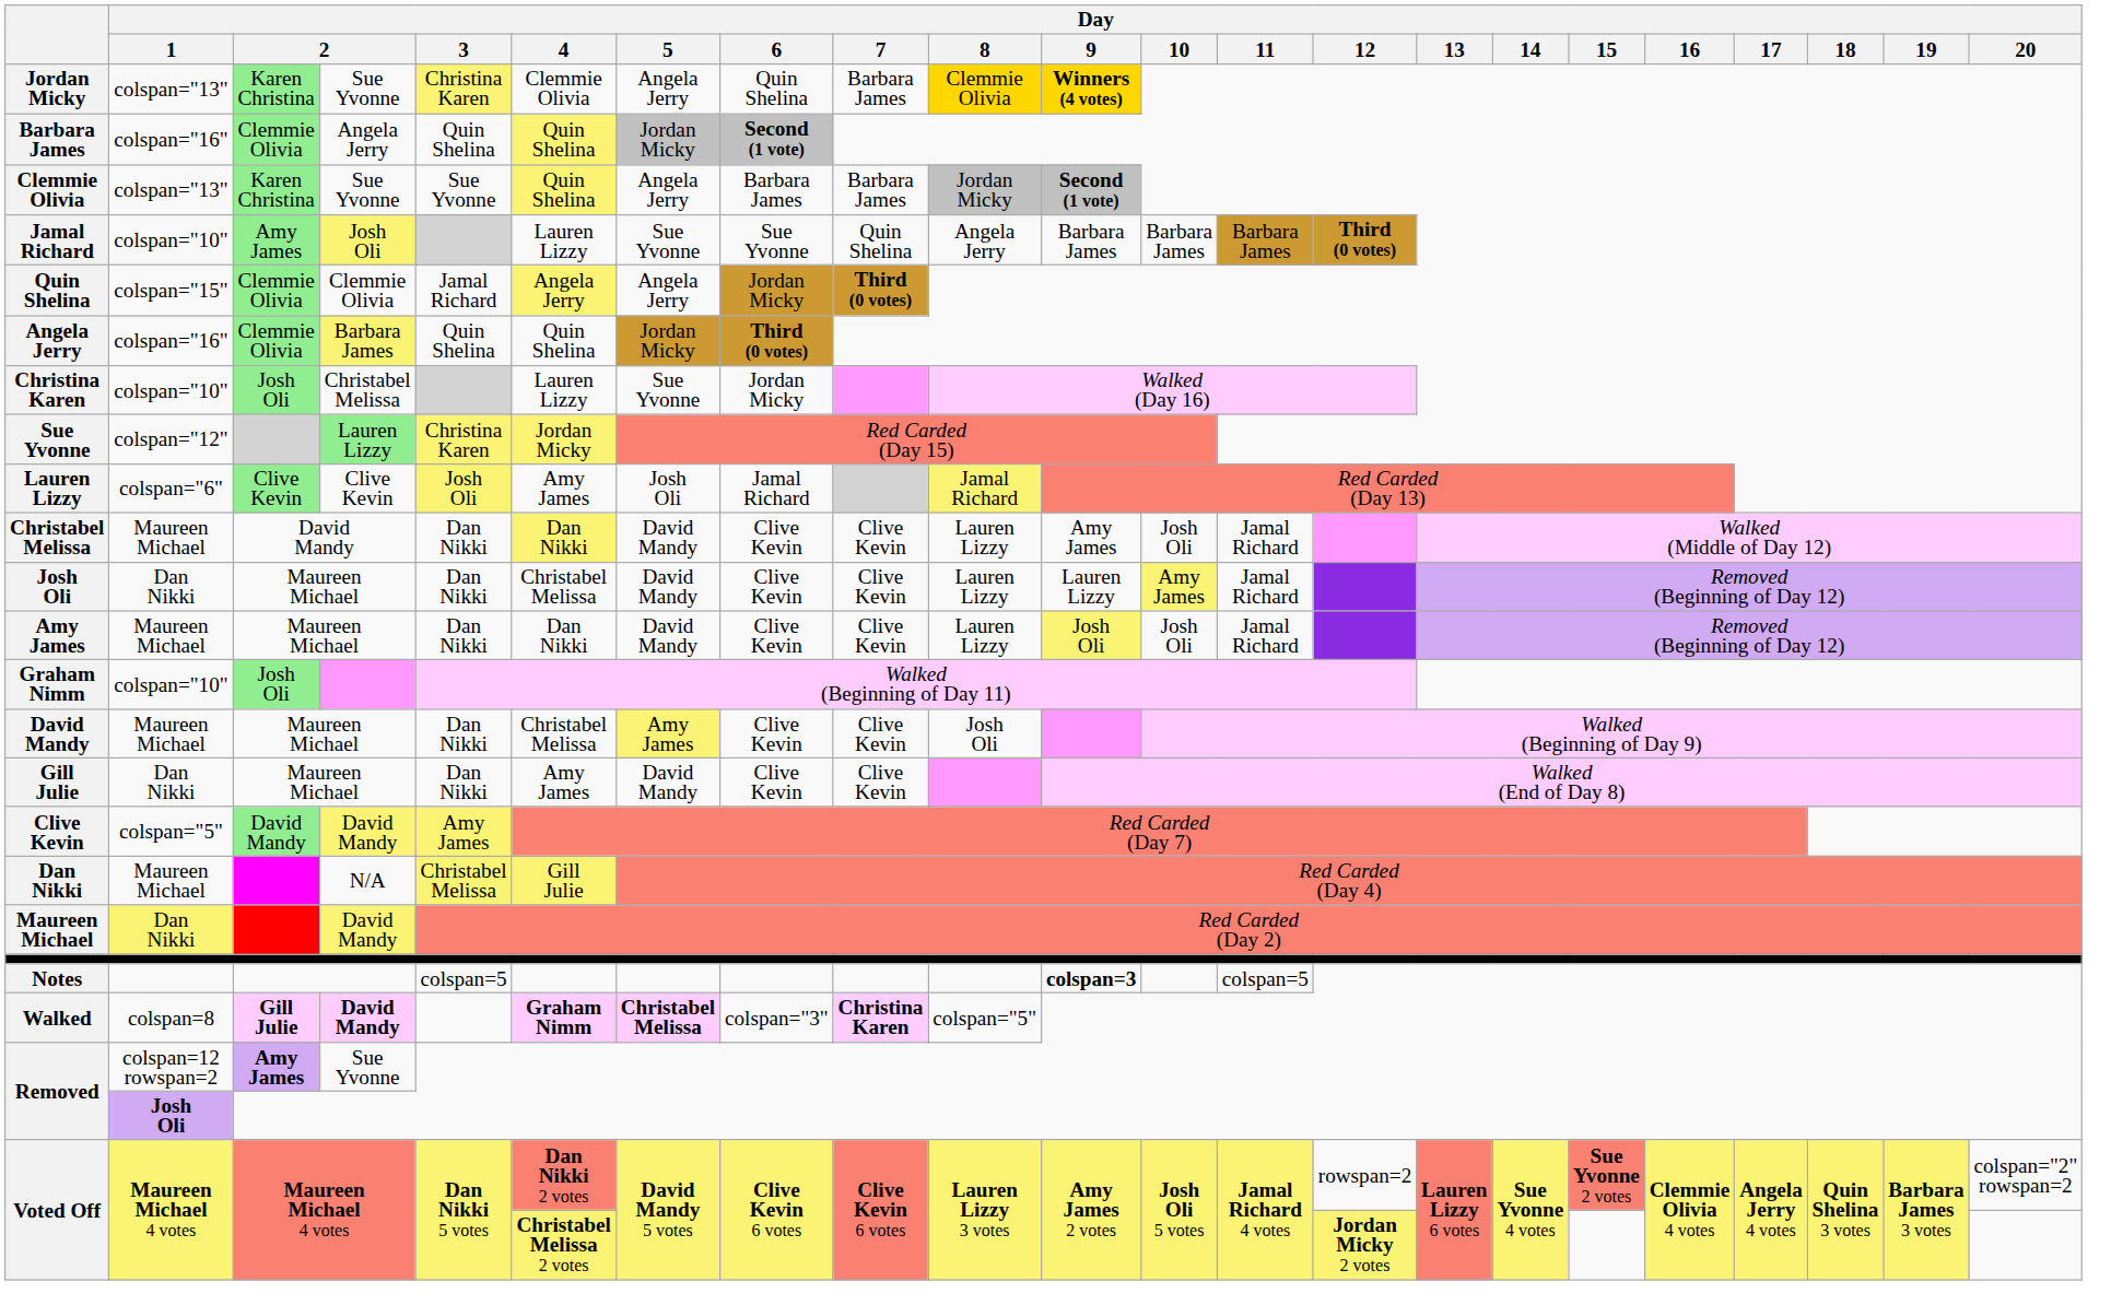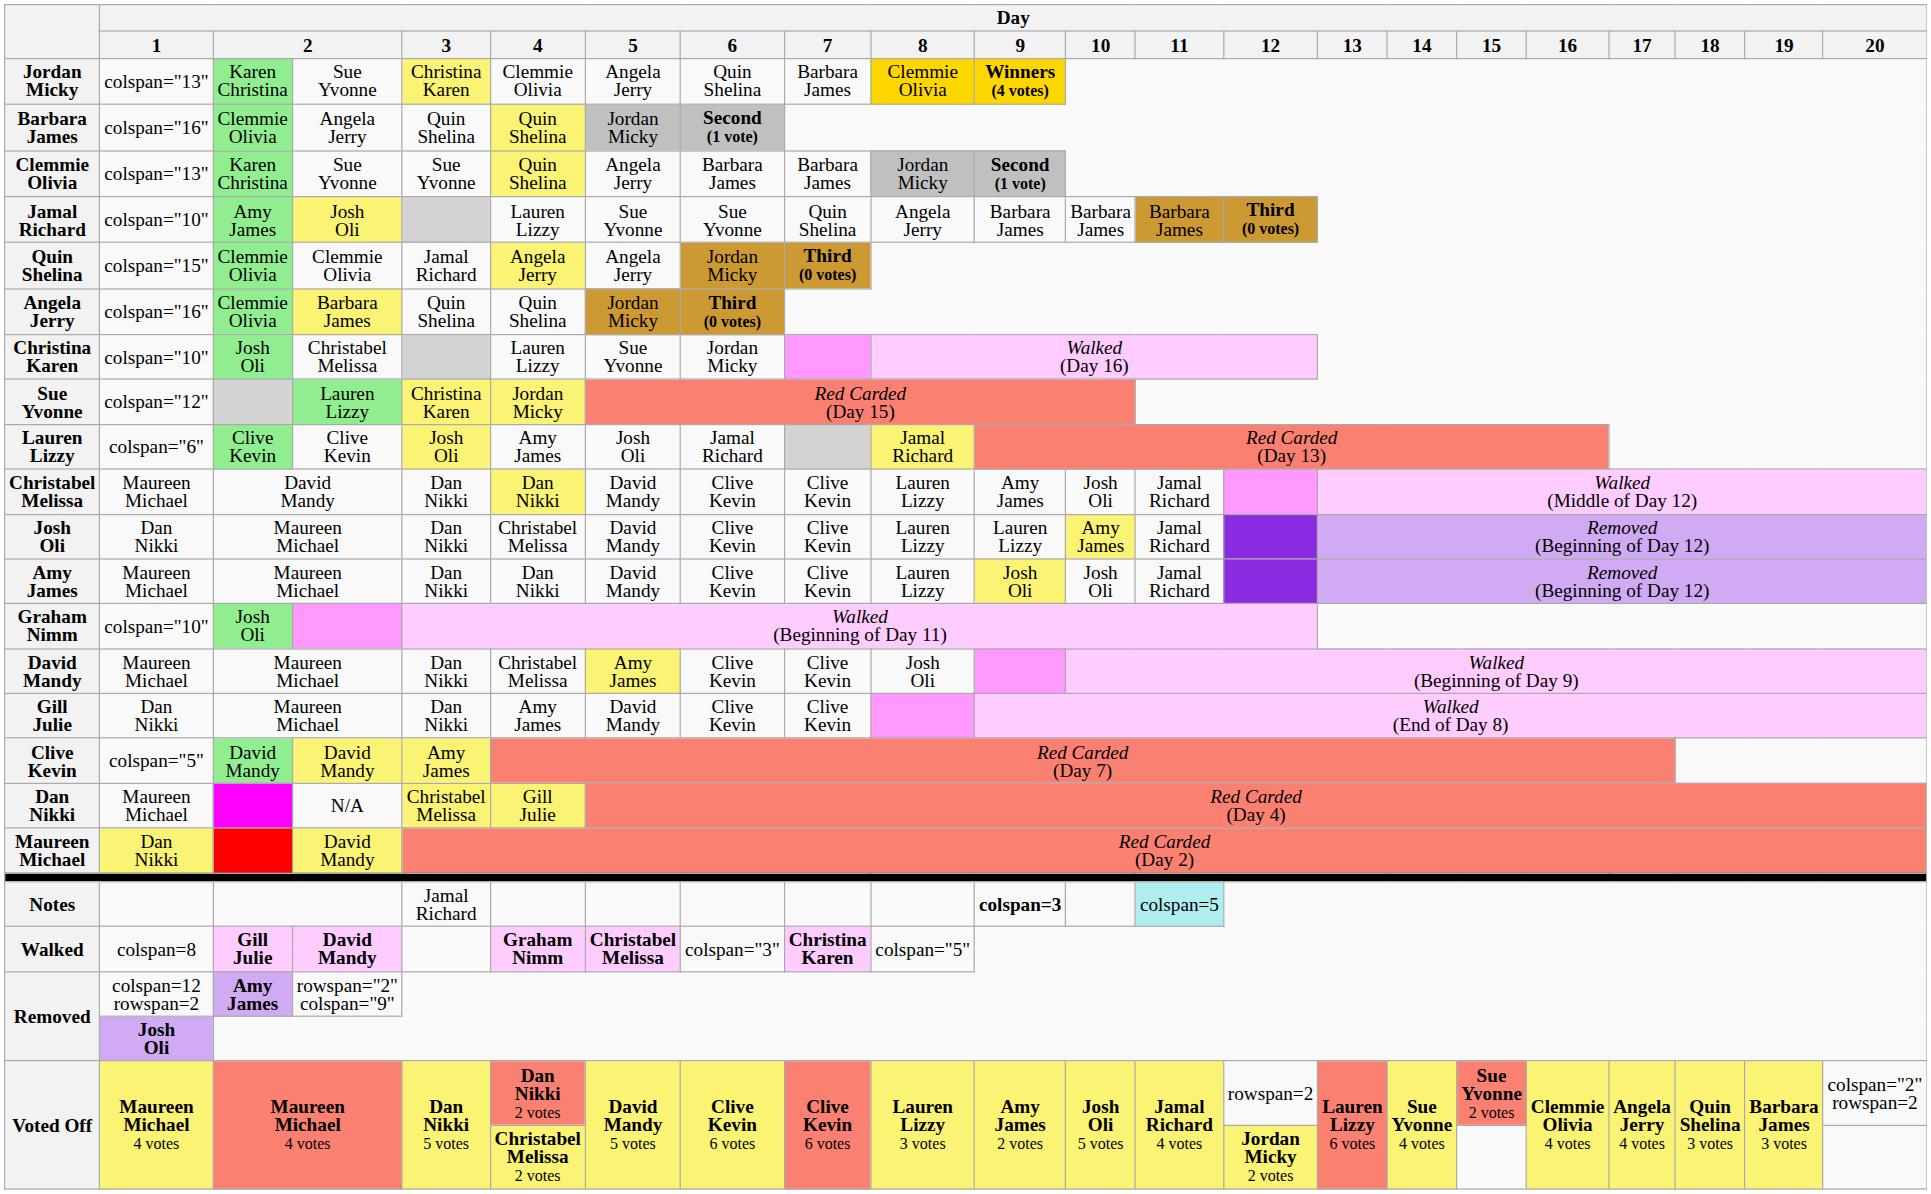 <table class="wikitable" style="text-align:center; font-size:100%pt; line-height:15px;">
 <tr>
 <th style="width: 10%;" rowspan="2"></th>
 <th colspan=22>Day</th>
 </tr>
 <tr>
 <th style="width: 7%;">1</th>
 <th colspan=2 style="width: 7%;">2</th>
 <th style="width: 7%;">3</th>
 <th style="width: 7%;">4</th>
 <th style="width: 7%;">5</th>
 <th style="width: 7%;">6</th>
 <th style="width: 7%;">7</th>
 <th style="width: 7%;">8</th>
 <th style="width: 7%;">9</th>
 <th style="width: 7%;">10</th>
 <th style="width: 7%;">11</th>
 <th style="width: 7%;">12</th>
 <th style="width: 7%;">13</th>
 <th style="width: 7%;">14</th>
 <th style="width: 7%;">15</th>
 <th style="width: 7%;">16</th>
 <th style="width: 7%;">17</th>
 <th style="width: 7%;">18</th>
 <th style="width: 7%;">19</th>
 <th style="width: 7%;" colspan="2">20</th>
 </tr>
 <tr>
 <th>Jordan<br>Micky</th>
 <td>colspan="13" </td>
 <td style="background:lightgreen;">Karen<br>Christina</td>
 <td>Sue<br>Yvonne</td>
 <td style="background:#fbf373;">Christina<br>Karen</td>
 <td>Clemmie<br>Olivia</td>
 <td>Angela<br>Jerry</td>
 <td>Quin<br>Shelina</td>
 <td>Barbara<br>James</td>
 <td style="background:gold;">Clemmie<br>Olivia</td>
 <td style="background:gold;"><strong>Winners<br><small>(4 votes)</small></strong></td>
 </tr>
 <tr>
 <th>Barbara<br>James</th>
 <td>colspan="16" </td>
 <td style="background:lightgreen;">Clemmie<br>Olivia</td>
 <td>Angela<br>Jerry</td>
 <td>Quin<br>Shelina</td>
 <td style="background:#fbf373;">Quin<br>Shelina</td>
 <td style="background:silver;">Jordan<br>Micky</td>
 <td style="background:silver;"><strong>Second<br><small>(1 vote)</small></strong></td>
 </tr>
 <tr>
 <th>Clemmie<br>Olivia</th>
 <td>colspan="13" </td>
 <td style="background:lightgreen;">Karen<br>Christina</td>
 <td>Sue<br>Yvonne</td>
 <td>Sue<br>Yvonne</td>
 <td style="background:#fbf373;">Quin<br>Shelina</td>
 <td>Angela<br>Jerry</td>
 <td>Barbara<br>James</td>
 <td>Barbara<br>James</td>
 <td style="background:silver;">Jordan<br>Micky</td>
 <td style="background:silver;"><strong>Second<br><small>(1 vote)</small></strong></td>
 </tr>
 <tr>
 <th>Jamal<br>Richard</th>
 <td>colspan="10" </td>
 <td style="background:lightgreen;">Amy<br>James</td>
 <td style="background:#fbf373;">Josh<br>Oli</td>
 <td style="background:lightgrey;"></td>
 <td>Lauren<br>Lizzy</td>
 <td>Sue<br>Yvonne</td>
 <td>Sue<br>Yvonne</td>
 <td>Quin<br>Shelina</td>
 <td>Angela<br>Jerry</td>
 <td>Barbara<br>James</td>
 <td>Barbara<br>James</td>
 <td style="background:#cc9933;">Barbara<br>James</td>
 <td style="background:#cc9933;"><strong>Third<br><small>(0 votes)</small></strong></td>
 </tr>
 <tr>
 <th>Quin<br>Shelina</th>
 <td>colspan="15" </td>
 <td style="background:lightgreen;">Clemmie<br>Olivia</td>
 <td>Clemmie<br>Olivia</td>
 <td>Jamal<br>Richard</td>
 <td style="background:#fbf373;">Angela<br>Jerry</td>
 <td>Angela<br>Jerry</td>
 <td style="background:#cc9933;">Jordan<br>Micky</td>
 <td style="background:#cc9933;"><strong>Third<br><small>(0 votes)</small></strong></td>
 </tr>
 <tr>
 <th>Angela<br>Jerry</th>
 <td>colspan="16" </td>
 <td style="background:lightgreen;">Clemmie<br>Olivia</td>
 <td style="background:#fbf373;">Barbara<br>James</td>
 <td>Quin<br>Shelina</td>
 <td>Quin<br>Shelina</td>
 <td style="background:#cc9933;">Jordan<br>Micky</td>
 <td style="background:#cc9933;"><strong>Third<br><small>(0 votes)</small></strong></td>
 </tr>
 <tr>
 <th>Christina<br>Karen</th>
 <td>colspan="10" </td>
 <td style="background:lightgreen;">Josh<br>Oli</td>
 <td>Christabel<br>Melissa</td>
 <td style="background:lightgrey;"></td>
 <td>Lauren<br>Lizzy</td>
 <td>Sue<br>Yvonne</td>
 <td>Jordan<br>Micky</td>
 <td style="background:#ff99ff;"></td>
 <td style="background:#ffccff;" colspan="5"><em>Walked</em><br>(Day 16)</td>
 </tr>
 <tr>
 <th>Sue<br>Yvonne</th>
 <td>colspan="12" </td>
 <td style="background:lightgrey;"></td>
 <td style="background:lightgreen;">Lauren<br>Lizzy</td>
 <td style="background:#fbf373;">Christina<br>Karen</td>
 <td style="background:#fbf373;">Jordan<br>Micky</td>
 <td style="background:#fa8072;" colspan="6"><em>Red Carded</em><br>(Day 15)</td>
 </tr>
 <tr>
 <th>Lauren<br>Lizzy</th>
 <td>colspan="6" </td>
 <td style="background:lightgreen;">Clive<br>Kevin</td>
 <td>Clive<br>Kevin</td>
 <td style="background:#fbf373;">Josh<br>Oli</td>
 <td>Amy<br>James</td>
 <td>Josh<br>Oli</td>
 <td>Jamal<br>Richard</td>
 <td style="background:lightgrey;"></td>
 <td style="background:#fbf373;">Jamal<br>Richard</td>
 <td style="background:#fa8072;" colspan="8"><em>Red Carded</em><br>(Day 13)</td>
 </tr>
 <tr>
 <th>Christabel<br>Melissa</th>
 <td>Maureen<br>Michael</td>
 <td colspan=2>David<br>Mandy</td>
 <td>Dan<br>Nikki</td>
 <td style="background:#fbf373;">Dan<br>Nikki</td>
 <td>David<br>Mandy</td>
 <td>Clive<br>Kevin</td>
 <td>Clive<br>Kevin</td>
 <td>Lauren<br>Lizzy</td>
 <td>Amy<br>James</td>
 <td>Josh<br>Oli</td>
 <td>Jamal<br>Richard</td>
 <td style="background:#ff99ff;"></td>
 <td style="background:#ffccff;" colspan="9"><em>Walked</em><br>(Middle of Day 12)</td>
 </tr>
 <tr>
 <th>Josh<br>Oli</th>
 <td>Dan<br>Nikki</td>
 <td colspan=2>Maureen<br>Michael</td>
 <td>Dan<br>Nikki</td>
 <td>Christabel<br>Melissa</td>
 <td>David<br>Mandy</td>
 <td>Clive<br>Kevin</td>
 <td>Clive<br>Kevin</td>
 <td>Lauren<br>Lizzy</td>
 <td>Lauren<br>Lizzy</td>
 <td style="background:#fbf373;">Amy<br>James</td>
 <td>Jamal<br>Richard</td>
 <td style="background:#8a2be2;"></td>
 <td style="background:#D0AAF3;" colspan="9"><em>Removed</em><br>(Beginning of Day 12)</td>
 </tr>
 <tr>
 <th>Amy<br>James</th>
 <td>Maureen<br>Michael</td>
 <td colspan=2>Maureen<br>Michael</td>
 <td>Dan<br>Nikki</td>
 <td>Dan<br>Nikki</td>
 <td>David<br>Mandy</td>
 <td>Clive<br>Kevin</td>
 <td>Clive<br>Kevin</td>
 <td>Lauren<br>Lizzy</td>
 <td style="background:#fbf373;">Josh<br>Oli</td>
 <td>Josh<br>Oli</td>
 <td>Jamal<br>Richard</td>
 <td style="background:#8a2be2;"></td>
 <td style="background:#D0AAF3;" colspan="9"><em>Removed</em><br>(Beginning of Day 12)</td>
 </tr>
 <tr>
 <th>Graham<br>Nimm</th>
 <td>colspan="10" </td>
 <td style="background:lightgreen;">Josh<br>Oli</td>
 <td style="background:#ff99ff;"></td>
 <td style="background:#ffccff;" colspan="10"><em>Walked</em><br>(Beginning of Day 11)</td>
 </tr>
 <tr>
 <th>David<br>Mandy</th>
 <td>Maureen<br>Michael</td>
 <td colspan=2>Maureen<br>Michael</td>
 <td>Dan<br>Nikki</td>
 <td>Christabel<br>Melissa</td>
 <td style="background:#fbf373;">Amy<br>James</td>
 <td>Clive<br>Kevin</td>
 <td>Clive<br>Kevin</td>
 <td>Josh<br>Oli</td>
 <td style="background:#ff99ff;"></td>
 <td style="background:#ffccff;" colspan="12"><em>Walked</em><br>(Beginning of Day 9)</td>
 </tr>
 <tr>
 <th>Gill<br>Julie</th>
 <td>Dan<br>Nikki</td>
 <td colspan=2>Maureen<br>Michael</td>
 <td>Dan<br>Nikki</td>
 <td>Amy<br>James</td>
 <td>David<br>Mandy</td>
 <td>Clive<br>Kevin</td>
 <td>Clive<br>Kevin</td>
 <td style="background:#ff99ff;"></td>
 <td style="background:#ffccff;" colspan="13"><em>Walked</em><br>(End of Day 8)</td>
 </tr>
 <tr>
 <th>Clive<br>Kevin</th>
 <td>colspan="5" </td>
 <td style="background:lightgreen;">David<br>Mandy</td>
 <td style="background:#fbf373;">David<br>Mandy</td>
 <td style="background:#fbf373;">Amy<br>James</td>
 <td style="background:#fa8072;" colspan="14"><em>Red Carded</em><br>(Day 7)</td>
 </tr>
 <tr>
 <th>Dan<br>Nikki</th>
 <td>Maureen<br>Michael</td>
 <td style="background:#ff00ff;"></td>
 <td>N/A</td>
 <td style="background:#fbf373;">Christabel<br>Melissa</td>
 <td style="background:#fbf373;">Gill<br>Julie</td>
 <td style="background:#fa8072;" colspan="17"><em>Red Carded</em><br>(Day 4)</td>
 </tr>
 <tr>
 <th>Maureen<br>Michael</th>
 <td style="background:#fbf373;">Dan<br>Nikki</td>
 <td style="background:red;"></td>
 <td style="background:#fbf373;">David<br>Mandy</td>
 <td style="background:#fa8072;" colspan="19"><em>Red Carded</em><br>(Day 2)</td>
 </tr>
 <tr>
 <th style="background:black;" colspan="23"></th>
 </tr>
 <tr>
 <th>Notes</th>
 <td></td>
 <td colspan=2></td>
-<td>colspan=5 </td>
+<td>Jamal<br>Richard</td>
 <td></td>
 <td></td>
 <td></td>
 <td></td>
 <td>  </td>
 <td><strong>colspan=3 </strong></td>
 <td></td>
-<td>colspan=5 </td>
+<td style="background: paleturquoise;">colspan=5 </td>
 </tr>
 <tr>
 <th>Walked</th>
 <td>colspan=8 </td>
 <td style="background:#ffccff;"><strong>Gill<br>Julie</strong></td>
 <td style="background:#ffccff;"><strong>David<br>Mandy</strong></td>
 <td></td>
 <td style="background:#ffccff;"><strong>Graham<br>Nimm</strong></td>
 <td style="background:#ffccff;"><strong>Christabel<br>Melissa</strong></td>
 <td>colspan="3" </td>
 <td style="background:#ffccff;"><strong>Christina<br>Karen</strong></td>
 <td>colspan="5" </td>
 </tr>
 <tr>
 <th rowspan=2>Removed</th>
 <td>colspan=12 rowspan=2 </td>
 <td style="background:#D0AAF3;"><strong>Amy<br>James</strong></td>
-<td>Sue<br>Yvonne</td>
+<td>rowspan="2" colspan="9" </td>
 </tr>
 <tr>
 <td style="background:#D0AAF3;"><strong>Josh<br>Oli</strong></td>
 </tr>
 <tr>
 <th rowspan =2>Voted Off</th>
 <td rowspan=2 style="background:#fbf373;"><strong>Maureen<br>Michael</strong><br><small>4 votes</small></td>
 <td colspan=2 rowspan=2 style="background:#fa8072;"><strong>Maureen<br>Michael</strong><br><small>4 votes</small></td>
 <td rowspan=2 style="background:#fbf373;"><strong>Dan<br>Nikki</strong><br><small>5 votes</small></td>
 <td style="background:#fa8072;"><strong>Dan<br>Nikki</strong><br><small>2 votes</small></td>
 <td rowspan=2 style="background:#fbf373;"><strong>David<br>Mandy</strong><br><small>5 votes</small></td>
 <td rowspan=2 style="background:#fbf373;"><strong>Clive<br>Kevin</strong><br><small>6 votes</small></td>
 <td rowspan=2 style="background:#fa8072;"><strong>Clive<br>Kevin</strong><br><small>6 votes</small></td>
 <td rowspan=2 style="background:#fbf373;"><strong>Lauren<br>Lizzy</strong><br><small>3 votes</small></td>
 <td rowspan=2 style="background:#fbf373;"><strong>Amy<br>James</strong><br><small>2 votes</small></td>
 <td rowspan=2 style="background:#fbf373;"><strong>Josh<br>Oli</strong><br><small>5 votes</small></td>
 <td rowspan=2 style="background:#fbf373;"><strong>Jamal<br>Richard</strong><br><small>4 votes</small></td>
 <td>rowspan=2 </td>
 <td rowspan=2 style="background:#fa8072;"><strong>Lauren<br>Lizzy</strong><br><small>6 votes</small></td>
 <td rowspan=2 style="background:#fbf373;"><strong>Sue<br>Yvonne</strong><br><small>4 votes</small></td>
 <td style="background:#fa8072;"><strong>Sue<br>Yvonne</strong><br><small>2 votes</small></td>
 <td rowspan=2 style="background:#fbf373;"><strong>Clemmie<br>Olivia</strong><br><small>4 votes</small></td>
 <td rowspan=2 style="background:#fbf373;"><strong>Angela<br>Jerry</strong><br><small>4 votes</small></td>
 <td rowspan=2 style="background:#fbf373;"><strong>Quin<br>Shelina</strong><br><small>3 votes</small></td>
 <td rowspan=2 style="background:#fbf373;"><strong>Barbara<br>James</strong><br><small>3 votes</small></td>
 <td>colspan="2" rowspan=2 </td>
 </tr>
 <tr>
 <td style="background:#fbf373;"><strong>Christabel<br>Melissa</strong><br><small>2 votes</small></td>
 <td style="background:#fbf373;"><strong>Jordan<br>Micky</strong><br><small>2 votes</small></td>
 </tr>
 </table>
